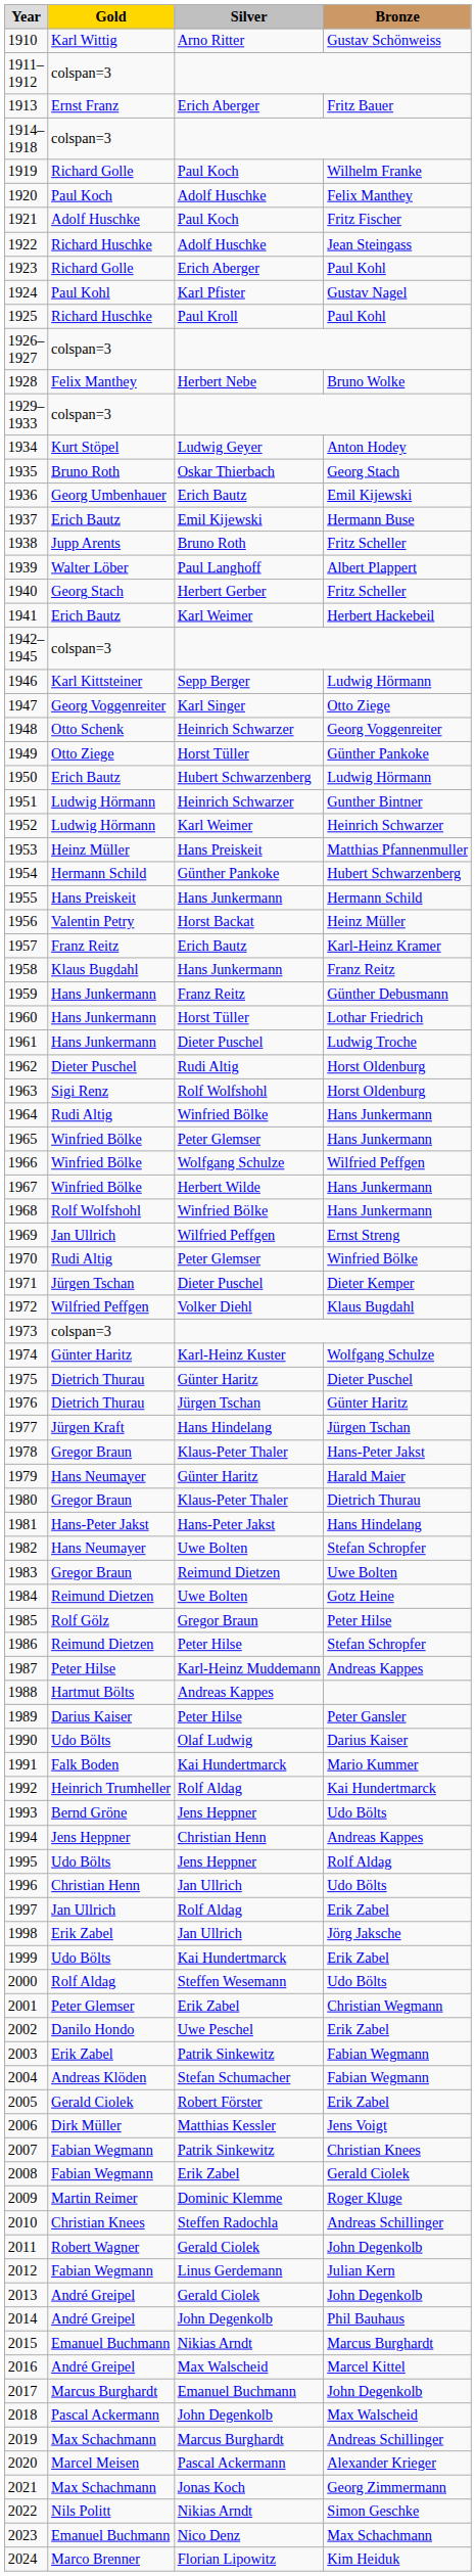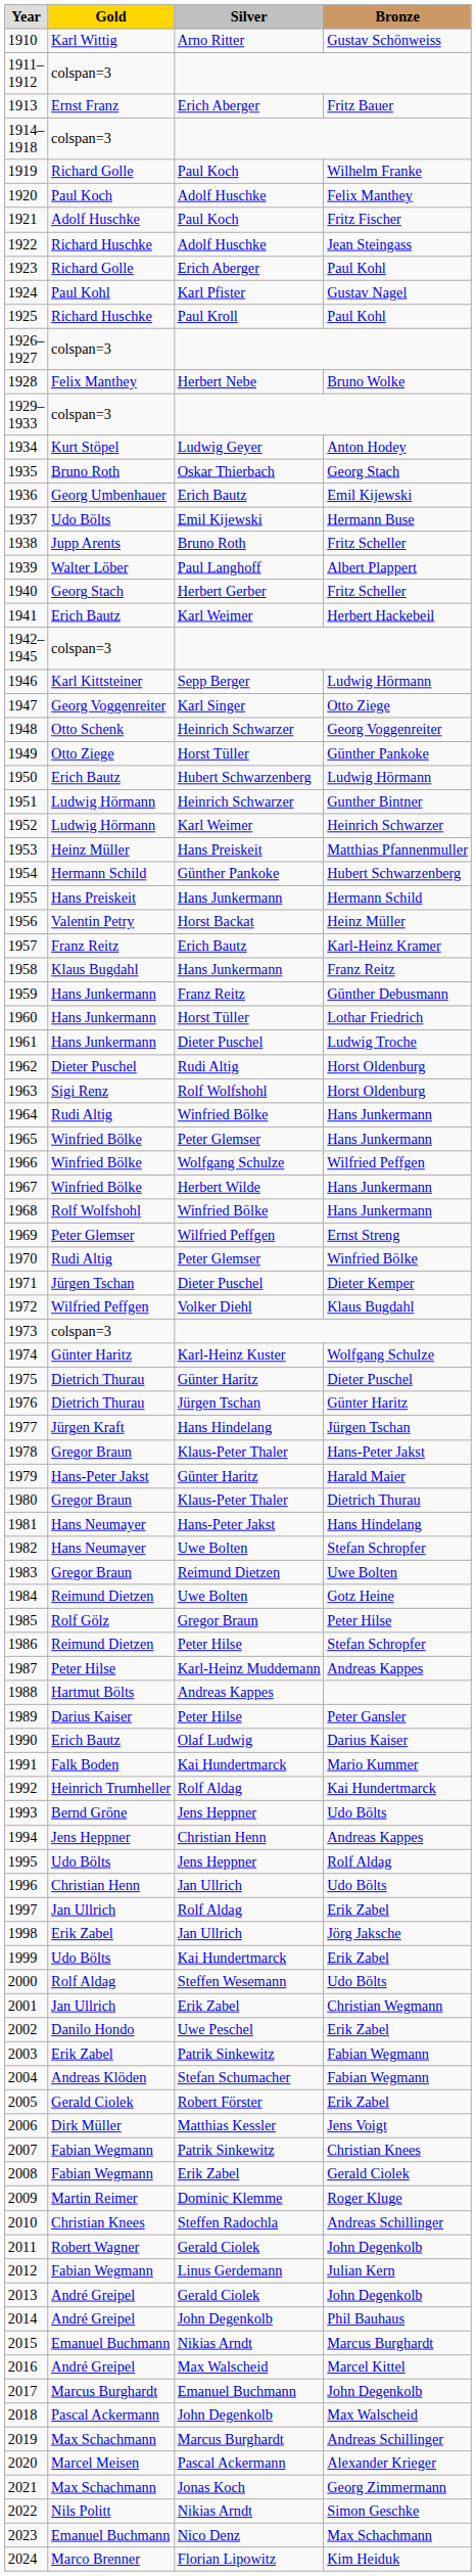 <table class="wikitable sortable" style="font-size:95%">
 <tr style="text-align:center; background:#e4e4e4; font-weight:bold;">
 <td style="background:#ddd; ">Year</td>
 <td style="background:gold; ">Gold</td>
 <td style="background:silver; ">Silver</td>
 <td style="background:#c96; ">Bronze</td>
 </tr>
 <tr>
 <td>1910</td>
 <td><a href='#'>Karl Wittig</a></td>
 <td><a href='#'>Arno Ritter</a></td>
 <td><a href='#'>Gustav Schönweiss</a></td>
 </tr>
 <tr>
 <td>1911–<br>1912</td>
 <td>colspan=3 </td>
 </tr>
 <tr>
 <td>1913</td>
 <td><a href='#'>Ernst Franz</a></td>
 <td><a href='#'>Erich Aberger</a></td>
 <td><a href='#'>Fritz Bauer</a></td>
 </tr>
 <tr>
 <td>1914–<br>1918</td>
 <td>colspan=3 </td>
 </tr>
 <tr>
 <td>1919</td>
 <td><a href='#'>Richard Golle</a></td>
 <td><a href='#'>Paul Koch</a></td>
 <td><a href='#'>Wilhelm Franke</a></td>
 </tr>
 <tr>
 <td>1920</td>
 <td><a href='#'>Paul Koch</a></td>
 <td><a href='#'>Adolf Huschke</a></td>
 <td><a href='#'>Felix Manthey</a></td>
 </tr>
 <tr>
 <td>1921</td>
 <td><a href='#'>Adolf Huschke</a></td>
 <td><a href='#'>Paul Koch</a></td>
 <td><a href='#'>Fritz Fischer</a></td>
 </tr>
 <tr>
 <td>1922</td>
 <td><a href='#'>Richard Huschke</a></td>
 <td><a href='#'>Adolf Huschke</a></td>
 <td><a href='#'>Jean Steingass</a></td>
 </tr>
 <tr>
 <td>1923</td>
 <td><a href='#'>Richard Golle</a></td>
 <td><a href='#'>Erich Aberger</a></td>
 <td><a href='#'>Paul Kohl</a></td>
 </tr>
 <tr>
 <td>1924</td>
 <td><a href='#'>Paul Kohl</a></td>
 <td><a href='#'>Karl Pfister</a></td>
 <td><a href='#'>Gustav Nagel</a></td>
 </tr>
 <tr>
 <td>1925</td>
 <td><a href='#'>Richard Huschke</a></td>
 <td><a href='#'>Paul Kroll</a></td>
 <td><a href='#'>Paul Kohl</a></td>
 </tr>
 <tr>
 <td>1926–<br>1927</td>
 <td>colspan=3 </td>
 </tr>
 <tr>
 <td>1928</td>
 <td><a href='#'>Felix Manthey</a></td>
 <td><a href='#'>Herbert Nebe</a></td>
 <td><a href='#'>Bruno Wolke</a></td>
 </tr>
 <tr>
 <td>1929–<br>1933</td>
 <td>colspan=3 </td>
 </tr>
 <tr>
 <td>1934</td>
 <td><a href='#'>Kurt Stöpel</a></td>
 <td><a href='#'>Ludwig Geyer</a></td>
 <td><a href='#'>Anton Hodey</a></td>
 </tr>
 <tr>
 <td>1935</td>
 <td><a href='#'>Bruno Roth</a></td>
 <td><a href='#'>Oskar Thierbach</a></td>
 <td><a href='#'>Georg Stach</a></td>
 </tr>
 <tr>
 <td>1936</td>
 <td><a href='#'>Georg Umbenhauer</a></td>
 <td><a href='#'>Erich Bautz</a></td>
 <td><a href='#'>Emil Kijewski</a></td>
 </tr>
 <tr>
 <td>1937</td>
-<td><a href='#'>Erich Bautz</a></td>
+<td><a href='#'>Udo Bölts</a></td>
 <td><a href='#'>Emil Kijewski</a></td>
 <td><a href='#'>Hermann Buse</a></td>
 </tr>
 <tr>
 <td>1938</td>
 <td><a href='#'>Jupp Arents</a></td>
 <td><a href='#'>Bruno Roth</a></td>
 <td><a href='#'>Fritz Scheller</a></td>
 </tr>
 <tr>
 <td>1939</td>
 <td><a href='#'>Walter Löber</a></td>
 <td><a href='#'>Paul Langhoff</a></td>
 <td><a href='#'>Albert Plappert</a></td>
 </tr>
 <tr>
 <td>1940</td>
 <td><a href='#'>Georg Stach</a></td>
 <td><a href='#'>Herbert Gerber</a></td>
 <td><a href='#'>Fritz Scheller</a></td>
 </tr>
 <tr>
 <td>1941</td>
 <td><a href='#'>Erich Bautz</a></td>
 <td><a href='#'>Karl Weimer</a></td>
 <td><a href='#'>Herbert Hackebeil</a></td>
 </tr>
 <tr>
 <td>1942–<br>1945</td>
 <td>colspan=3 </td>
 </tr>
 <tr>
 <td>1946</td>
 <td><a href='#'>Karl Kittsteiner</a></td>
 <td><a href='#'>Sepp Berger</a></td>
 <td><a href='#'>Ludwig Hörmann</a></td>
 </tr>
 <tr>
 <td>1947</td>
 <td><a href='#'>Georg Voggenreiter</a></td>
 <td><a href='#'>Karl Singer</a></td>
 <td><a href='#'>Otto Ziege</a></td>
 </tr>
 <tr>
 <td>1948</td>
 <td><a href='#'>Otto Schenk</a></td>
 <td><a href='#'>Heinrich Schwarzer</a></td>
 <td><a href='#'>Georg Voggenreiter</a></td>
 </tr>
 <tr>
 <td>1949</td>
 <td><a href='#'>Otto Ziege</a></td>
 <td><a href='#'>Horst Tüller</a></td>
 <td><a href='#'>Günther Pankoke</a></td>
 </tr>
 <tr>
 <td>1950</td>
 <td><a href='#'>Erich Bautz</a></td>
 <td><a href='#'>Hubert Schwarzenberg</a></td>
 <td><a href='#'>Ludwig Hörmann</a></td>
 </tr>
 <tr>
 <td>1951</td>
 <td><a href='#'>Ludwig Hörmann</a></td>
 <td><a href='#'>Heinrich Schwarzer</a></td>
 <td><a href='#'>Gunther Bintner</a></td>
 </tr>
 <tr>
 <td>1952</td>
 <td><a href='#'>Ludwig Hörmann</a></td>
 <td><a href='#'>Karl Weimer</a></td>
 <td><a href='#'>Heinrich Schwarzer</a></td>
 </tr>
 <tr>
 <td>1953</td>
 <td><a href='#'>Heinz Müller</a></td>
 <td><a href='#'>Hans Preiskeit</a></td>
 <td><a href='#'>Matthias Pfannenmuller</a></td>
 </tr>
 <tr>
 <td>1954</td>
 <td><a href='#'>Hermann Schild</a></td>
 <td><a href='#'>Günther Pankoke</a></td>
 <td><a href='#'>Hubert Schwarzenberg</a></td>
 </tr>
 <tr>
 <td>1955</td>
 <td><a href='#'>Hans Preiskeit</a></td>
 <td><a href='#'>Hans Junkermann</a></td>
 <td><a href='#'>Hermann Schild</a></td>
 </tr>
 <tr>
 <td>1956</td>
 <td><a href='#'>Valentin Petry</a></td>
 <td><a href='#'>Horst Backat</a></td>
 <td><a href='#'>Heinz Müller</a></td>
 </tr>
 <tr>
 <td>1957</td>
 <td><a href='#'>Franz Reitz</a></td>
 <td><a href='#'>Erich Bautz</a></td>
 <td><a href='#'>Karl-Heinz Kramer</a></td>
 </tr>
 <tr>
 <td>1958</td>
 <td><a href='#'>Klaus Bugdahl</a></td>
 <td><a href='#'>Hans Junkermann</a></td>
 <td><a href='#'>Franz Reitz</a></td>
 </tr>
 <tr>
 <td>1959</td>
 <td><a href='#'>Hans Junkermann</a></td>
 <td><a href='#'>Franz Reitz</a></td>
 <td><a href='#'>Günther Debusmann</a></td>
 </tr>
 <tr>
 <td>1960</td>
 <td><a href='#'>Hans Junkermann</a></td>
 <td><a href='#'>Horst Tüller</a></td>
 <td><a href='#'>Lothar Friedrich</a></td>
 </tr>
 <tr>
 <td>1961</td>
 <td><a href='#'>Hans Junkermann</a></td>
 <td><a href='#'>Dieter Puschel</a></td>
 <td><a href='#'>Ludwig Troche</a></td>
 </tr>
 <tr>
 <td>1962</td>
 <td><a href='#'>Dieter Puschel</a></td>
 <td><a href='#'>Rudi Altig</a></td>
 <td><a href='#'>Horst Oldenburg</a></td>
 </tr>
 <tr>
 <td>1963</td>
 <td><a href='#'>Sigi Renz</a></td>
 <td><a href='#'>Rolf Wolfshohl</a></td>
 <td><a href='#'>Horst Oldenburg</a></td>
 </tr>
 <tr>
 <td>1964</td>
 <td><a href='#'>Rudi Altig</a></td>
 <td><a href='#'>Winfried Bölke</a></td>
 <td><a href='#'>Hans Junkermann</a></td>
 </tr>
 <tr>
 <td>1965</td>
 <td><a href='#'>Winfried Bölke</a></td>
 <td><a href='#'>Peter Glemser</a></td>
 <td><a href='#'>Hans Junkermann</a></td>
 </tr>
 <tr>
 <td>1966</td>
 <td><a href='#'>Winfried Bölke</a></td>
 <td><a href='#'>Wolfgang Schulze</a></td>
 <td><a href='#'>Wilfried Peffgen</a></td>
 </tr>
 <tr>
 <td>1967</td>
 <td><a href='#'>Winfried Bölke</a></td>
 <td><a href='#'>Herbert Wilde</a></td>
 <td><a href='#'>Hans Junkermann</a></td>
 </tr>
 <tr>
 <td>1968</td>
 <td><a href='#'>Rolf Wolfshohl</a></td>
 <td><a href='#'>Winfried Bölke</a></td>
 <td><a href='#'>Hans Junkermann</a></td>
 </tr>
 <tr>
 <td>1969</td>
-<td><a href='#'>Jan Ullrich</a></td>
+<td><a href='#'>Peter Glemser</a></td>
 <td><a href='#'>Wilfried Peffgen</a></td>
 <td><a href='#'>Ernst Streng</a></td>
 </tr>
 <tr>
 <td>1970</td>
 <td><a href='#'>Rudi Altig</a></td>
 <td><a href='#'>Peter Glemser</a></td>
 <td><a href='#'>Winfried Bölke</a></td>
 </tr>
 <tr>
 <td>1971</td>
 <td><a href='#'>Jürgen Tschan</a></td>
 <td><a href='#'>Dieter Puschel</a></td>
 <td><a href='#'>Dieter Kemper</a></td>
 </tr>
 <tr>
 <td>1972</td>
 <td><a href='#'>Wilfried Peffgen</a></td>
 <td><a href='#'>Volker Diehl</a></td>
 <td><a href='#'>Klaus Bugdahl</a></td>
 </tr>
 <tr>
 <td>1973</td>
 <td>colspan=3 </td>
 </tr>
 <tr>
 <td>1974</td>
 <td><a href='#'>Günter Haritz</a></td>
 <td><a href='#'>Karl-Heinz Kuster</a></td>
 <td><a href='#'>Wolfgang Schulze</a></td>
 </tr>
 <tr>
 <td>1975</td>
 <td><a href='#'>Dietrich Thurau</a></td>
 <td><a href='#'>Günter Haritz</a></td>
 <td><a href='#'>Dieter Puschel</a></td>
 </tr>
 <tr>
 <td>1976</td>
 <td><a href='#'>Dietrich Thurau</a></td>
 <td><a href='#'>Jürgen Tschan</a></td>
 <td><a href='#'>Günter Haritz</a></td>
 </tr>
 <tr>
 <td>1977</td>
 <td><a href='#'>Jürgen Kraft</a></td>
 <td><a href='#'>Hans Hindelang</a></td>
 <td><a href='#'>Jürgen Tschan</a></td>
 </tr>
 <tr>
 <td>1978</td>
 <td><a href='#'>Gregor Braun</a></td>
 <td><a href='#'>Klaus-Peter Thaler</a></td>
 <td><a href='#'>Hans-Peter Jakst</a></td>
 </tr>
 <tr>
 <td>1979</td>
-<td><a href='#'>Hans Neumayer</a></td>
+<td><a href='#'>Hans-Peter Jakst</a></td>
 <td><a href='#'>Günter Haritz</a></td>
 <td><a href='#'>Harald Maier</a></td>
 </tr>
 <tr>
 <td>1980</td>
 <td><a href='#'>Gregor Braun</a></td>
 <td><a href='#'>Klaus-Peter Thaler</a></td>
 <td><a href='#'>Dietrich Thurau</a></td>
 </tr>
 <tr>
 <td>1981</td>
-<td><a href='#'>Hans-Peter Jakst</a></td>
+<td><a href='#'>Hans Neumayer</a></td>
 <td><a href='#'>Hans-Peter Jakst</a></td>
 <td><a href='#'>Hans Hindelang</a></td>
 </tr>
 <tr>
 <td>1982</td>
 <td><a href='#'>Hans Neumayer</a></td>
 <td><a href='#'>Uwe Bolten</a></td>
 <td><a href='#'>Stefan Schropfer</a></td>
 </tr>
 <tr>
 <td>1983</td>
 <td><a href='#'>Gregor Braun</a></td>
 <td><a href='#'>Reimund Dietzen</a></td>
 <td><a href='#'>Uwe Bolten</a></td>
 </tr>
 <tr>
 <td>1984</td>
 <td><a href='#'>Reimund Dietzen</a></td>
 <td><a href='#'>Uwe Bolten</a></td>
 <td><a href='#'>Gotz Heine</a></td>
 </tr>
 <tr>
 <td>1985</td>
 <td><a href='#'>Rolf Gölz</a></td>
 <td><a href='#'>Gregor Braun</a></td>
 <td><a href='#'>Peter Hilse</a></td>
 </tr>
 <tr>
 <td>1986</td>
 <td><a href='#'>Reimund Dietzen</a></td>
 <td><a href='#'>Peter Hilse</a></td>
 <td><a href='#'>Stefan Schropfer</a></td>
 </tr>
 <tr>
 <td>1987</td>
 <td><a href='#'>Peter Hilse</a></td>
 <td><a href='#'>Karl-Heinz Muddemann</a></td>
 <td><a href='#'>Andreas Kappes</a></td>
 </tr>
 <tr>
 <td>1988</td>
 <td><a href='#'>Hartmut Bölts</a></td>
 <td><a href='#'>Andreas Kappes</a></td>
 <td></td>
 </tr>
 <tr>
 <td>1989</td>
 <td><a href='#'>Darius Kaiser</a></td>
 <td><a href='#'>Peter Hilse</a></td>
 <td><a href='#'>Peter Gansler</a></td>
 </tr>
 <tr>
 <td>1990</td>
-<td><a href='#'>Udo Bölts</a></td>
+<td><a href='#'>Erich Bautz</a></td>
 <td><a href='#'>Olaf Ludwig</a></td>
 <td><a href='#'>Darius Kaiser</a></td>
 </tr>
 <tr>
 <td>1991</td>
 <td><a href='#'>Falk Boden</a></td>
 <td><a href='#'>Kai Hundertmarck</a></td>
 <td><a href='#'>Mario Kummer</a></td>
 </tr>
 <tr>
 <td>1992</td>
 <td><a href='#'>Heinrich Trumheller</a></td>
 <td><a href='#'>Rolf Aldag</a></td>
 <td><a href='#'>Kai Hundertmarck</a></td>
 </tr>
 <tr>
 <td>1993</td>
 <td><a href='#'>Bernd Gröne</a></td>
 <td><a href='#'>Jens Heppner</a></td>
 <td><a href='#'>Udo Bölts</a></td>
 </tr>
 <tr>
 <td>1994</td>
 <td><a href='#'>Jens Heppner</a></td>
 <td><a href='#'>Christian Henn</a></td>
 <td><a href='#'>Andreas Kappes</a></td>
 </tr>
 <tr>
 <td>1995</td>
 <td><a href='#'>Udo Bölts</a></td>
 <td><a href='#'>Jens Heppner</a></td>
 <td><a href='#'>Rolf Aldag</a></td>
 </tr>
 <tr>
 <td>1996</td>
 <td><a href='#'>Christian Henn</a></td>
 <td><a href='#'>Jan Ullrich</a></td>
 <td><a href='#'>Udo Bölts</a></td>
 </tr>
 <tr>
 <td>1997</td>
 <td><a href='#'>Jan Ullrich</a></td>
 <td><a href='#'>Rolf Aldag</a></td>
 <td><a href='#'>Erik Zabel</a></td>
 </tr>
 <tr>
 <td>1998</td>
 <td><a href='#'>Erik Zabel</a></td>
 <td><a href='#'>Jan Ullrich</a></td>
 <td><a href='#'>Jörg Jaksche</a></td>
 </tr>
 <tr>
 <td>1999</td>
 <td><a href='#'>Udo Bölts</a></td>
 <td><a href='#'>Kai Hundertmarck</a></td>
 <td><a href='#'>Erik Zabel</a></td>
 </tr>
 <tr>
 <td>2000</td>
 <td><a href='#'>Rolf Aldag</a></td>
 <td><a href='#'>Steffen Wesemann</a></td>
 <td><a href='#'>Udo Bölts</a></td>
 </tr>
 <tr>
 <td>2001</td>
-<td><a href='#'>Peter Glemser</a></td>
+<td><a href='#'>Jan Ullrich</a></td>
 <td><a href='#'>Erik Zabel</a></td>
 <td><a href='#'>Christian Wegmann</a></td>
 </tr>
 <tr>
 <td>2002</td>
 <td><a href='#'>Danilo Hondo</a></td>
 <td><a href='#'>Uwe Peschel</a></td>
 <td><a href='#'>Erik Zabel</a></td>
 </tr>
 <tr>
 <td>2003</td>
 <td><a href='#'>Erik Zabel</a></td>
 <td><a href='#'>Patrik Sinkewitz</a></td>
 <td><a href='#'>Fabian Wegmann</a></td>
 </tr>
 <tr>
 <td>2004</td>
 <td><a href='#'>Andreas Klöden</a></td>
 <td><a href='#'>Stefan Schumacher</a></td>
 <td><a href='#'>Fabian Wegmann</a></td>
 </tr>
 <tr>
 <td>2005</td>
 <td><a href='#'>Gerald Ciolek</a></td>
 <td><a href='#'>Robert Förster</a></td>
 <td><a href='#'>Erik Zabel</a></td>
 </tr>
 <tr>
 <td>2006</td>
 <td><a href='#'>Dirk Müller</a></td>
 <td><a href='#'>Matthias Kessler</a></td>
 <td><a href='#'>Jens Voigt</a></td>
 </tr>
 <tr>
 <td>2007</td>
 <td><a href='#'>Fabian Wegmann</a></td>
 <td><a href='#'>Patrik Sinkewitz</a></td>
 <td><a href='#'>Christian Knees</a></td>
 </tr>
 <tr>
 <td>2008</td>
 <td><a href='#'>Fabian Wegmann</a></td>
 <td><a href='#'>Erik Zabel</a></td>
 <td><a href='#'>Gerald Ciolek</a></td>
 </tr>
 <tr>
 <td>2009</td>
 <td><a href='#'>Martin Reimer</a></td>
 <td><a href='#'>Dominic Klemme</a></td>
 <td><a href='#'>Roger Kluge</a></td>
 </tr>
 <tr>
 <td>2010</td>
 <td><a href='#'>Christian Knees</a></td>
 <td><a href='#'>Steffen Radochla</a></td>
 <td><a href='#'>Andreas Schillinger</a></td>
 </tr>
 <tr>
 <td>2011</td>
 <td><a href='#'>Robert Wagner</a></td>
 <td><a href='#'>Gerald Ciolek</a></td>
 <td><a href='#'>John Degenkolb</a></td>
 </tr>
 <tr>
 <td>2012</td>
 <td><a href='#'>Fabian Wegmann</a></td>
 <td><a href='#'>Linus Gerdemann</a></td>
 <td><a href='#'>Julian Kern</a></td>
 </tr>
 <tr>
 <td>2013</td>
 <td><a href='#'>André Greipel</a></td>
 <td><a href='#'>Gerald Ciolek</a></td>
 <td><a href='#'>John Degenkolb</a></td>
 </tr>
 <tr>
 <td>2014</td>
 <td><a href='#'>André Greipel</a></td>
 <td><a href='#'>John Degenkolb</a></td>
 <td><a href='#'>Phil Bauhaus</a></td>
 </tr>
 <tr>
 <td>2015</td>
 <td><a href='#'>Emanuel Buchmann</a></td>
 <td><a href='#'>Nikias Arndt</a></td>
 <td><a href='#'>Marcus Burghardt</a></td>
 </tr>
 <tr>
 <td>2016</td>
 <td><a href='#'>André Greipel</a></td>
 <td><a href='#'>Max Walscheid</a></td>
 <td><a href='#'>Marcel Kittel</a></td>
 </tr>
 <tr>
 <td>2017</td>
 <td><a href='#'>Marcus Burghardt</a></td>
 <td><a href='#'>Emanuel Buchmann</a></td>
 <td><a href='#'>John Degenkolb</a></td>
 </tr>
 <tr>
 <td>2018</td>
 <td><a href='#'>Pascal Ackermann</a></td>
 <td><a href='#'>John Degenkolb</a></td>
 <td><a href='#'>Max Walscheid</a></td>
 </tr>
 <tr>
 <td>2019</td>
 <td><a href='#'>Max Schachmann</a></td>
 <td><a href='#'>Marcus Burghardt</a></td>
 <td><a href='#'>Andreas Schillinger</a></td>
 </tr>
 <tr>
 <td>2020</td>
 <td><a href='#'>Marcel Meisen</a></td>
 <td><a href='#'>Pascal Ackermann</a></td>
 <td><a href='#'>Alexander Krieger</a></td>
 </tr>
 <tr>
 <td>2021</td>
 <td><a href='#'>Max Schachmann</a></td>
 <td><a href='#'>Jonas Koch</a></td>
 <td><a href='#'>Georg Zimmermann</a></td>
 </tr>
 <tr>
 <td>2022</td>
 <td><a href='#'>Nils Politt</a></td>
 <td><a href='#'>Nikias Arndt</a></td>
 <td><a href='#'>Simon Geschke</a></td>
 </tr>
 <tr>
 <td>2023</td>
 <td><a href='#'>Emanuel Buchmann</a></td>
 <td><a href='#'>Nico Denz</a></td>
 <td><a href='#'>Max Schachmann</a></td>
 </tr>
 <tr>
 <td>2024</td>
 <td><a href='#'>Marco Brenner</a></td>
 <td><a href='#'>Florian Lipowitz</a></td>
 <td><a href='#'>Kim Heiduk</a></td>
 </tr>
 </table>
